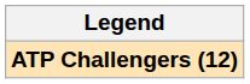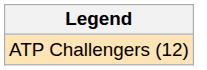 <table class="wikitable">
 <tr>
 <th>Legend</th>
 </tr>
 <tr bgcolor="moccasin">
-<td><strong>ATP Challengers (12)</strong></td>
+<td>ATP Challengers (12)</td>
 </tr>
 </table>
